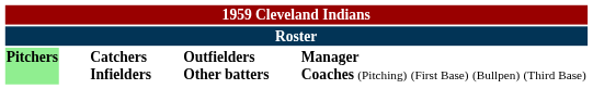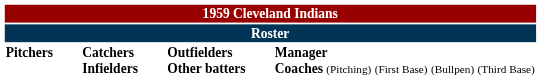 <table class="toccolours" style="font-size: 95%;">
 <tr>
 <th colspan="10" style="background-color: #990000; color: white; text-align: center;">1959 Cleveland Indians</th>
 </tr>
 <tr>
 <td colspan="10" style="background-color: #023456; color: white; text-align: center;"><strong>Roster</strong></td>
 </tr>
 <tr>
-<td valign="top" style="background: lightgreen;"><strong>Pitchers</strong><br>               </td>
+<td valign="top"><strong>Pitchers</strong><br>               </td>
 <td width="25px"></td>
 <td valign="top"><strong>Catchers</strong><br>    <strong>Infielders</strong>            </td>
 <td width="25px"></td>
 <td valign="top"><strong>Outfielders</strong><br>       <strong>Other batters</strong>  </td>
 <td width="25px"></td>
 <td valign="top"><strong>Manager</strong><br> <strong>Coaches</strong>  <small>(Pitching)</small>  <small>(First Base)</small>   <small>(Bullpen)</small>  <small>(Third Base)</small></td>
 </tr>
 </table>
